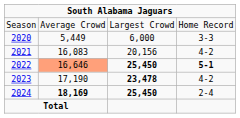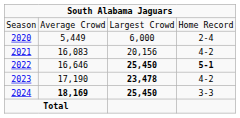 <table class="wikitable">
 <tr align="center">
 <td colspan="4"><strong>South Alabama Jaguars</strong></td>
 </tr>
 <tr align="center">
 <td>Season</td>
 <td>Average Crowd</td>
 <td>Largest Crowd</td>
 <td>Home Record</td>
 </tr>
 <tr align="center">
 <td><a href='#'>2020</a></td>
 <td>5,449</td>
 <td>6,000</td>
-<td>3-3</td>
+<td>2-4</td>
 </tr>
 <tr align="center">
 <td><a href='#'>2021</a></td>
 <td>16,083</td>
 <td>20,156</td>
 <td>4-2</td>
 </tr>
 <tr align="center">
 <td><a href='#'>2022</a></td>
-<td style="background: lightsalmon;">16,646</td>
+<td>16,646</td>
 <td><strong>25,450</strong></td>
 <td><strong>5-1</strong></td>
 </tr>
 <tr align="center">
 <td><a href='#'>2023</a></td>
 <td>17,190</td>
 <td><strong>23,478</strong></td>
 <td>4-2</td>
 </tr>
 <tr align="center">
 <td><a href='#'>2024</a></td>
 <td><strong>18,169</strong></td>
 <td><strong>25,450</strong></td>
-<td>2-4</td>
+<td>3-3</td>
 </tr>
 <tr style="text-align:center; ">
 <td colspan="2"><strong>Total</strong></td>
 <td></td>
 <td><strong></strong></td>
 </tr>
 </table>
